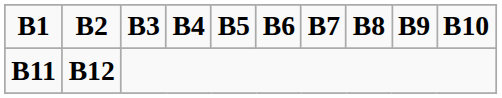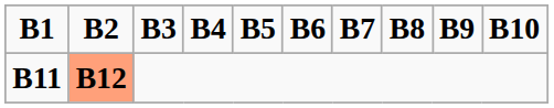 <table class="wikitable" style="text-align: center;">
 <tr valign="top">
 <td><strong>B1</strong><br></td>
 <td><strong>B2</strong><br></td>
 <td><strong>B3</strong><br></td>
 <td><strong>B4</strong><br></td>
 <td><strong>B5</strong><br></td>
 <td><strong>B6</strong><br></td>
 <td><strong>B7</strong><br></td>
 <td><strong>B8</strong><br></td>
 <td><strong>B9</strong><br></td>
 <td><strong>B10</strong><br></td>
 </tr>
 <tr valign="top">
 <td><strong>B11</strong><br></td>
-<td><strong>B12</strong><br></td>
+<td style="background: lightsalmon;"><strong>B12</strong><br></td>
 </tr>
 </table>
